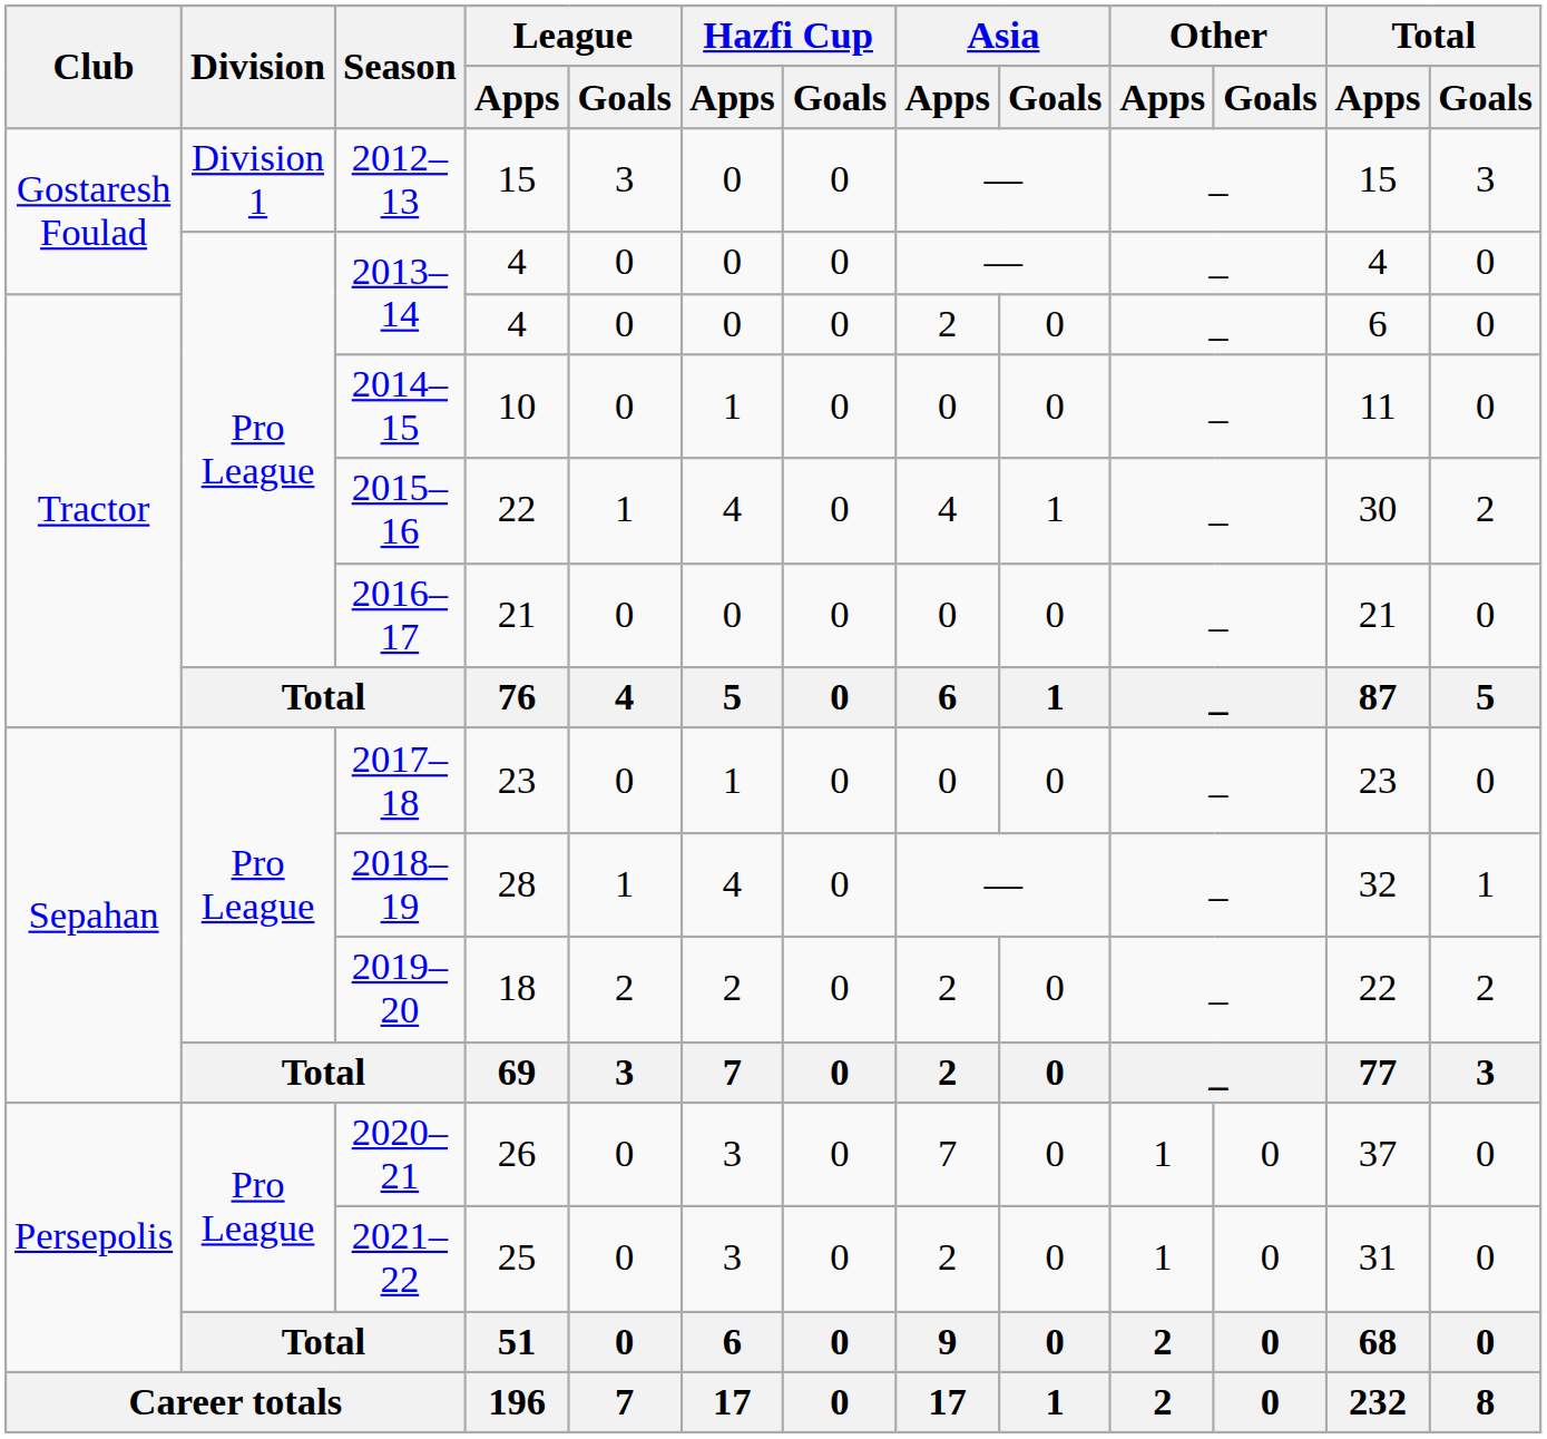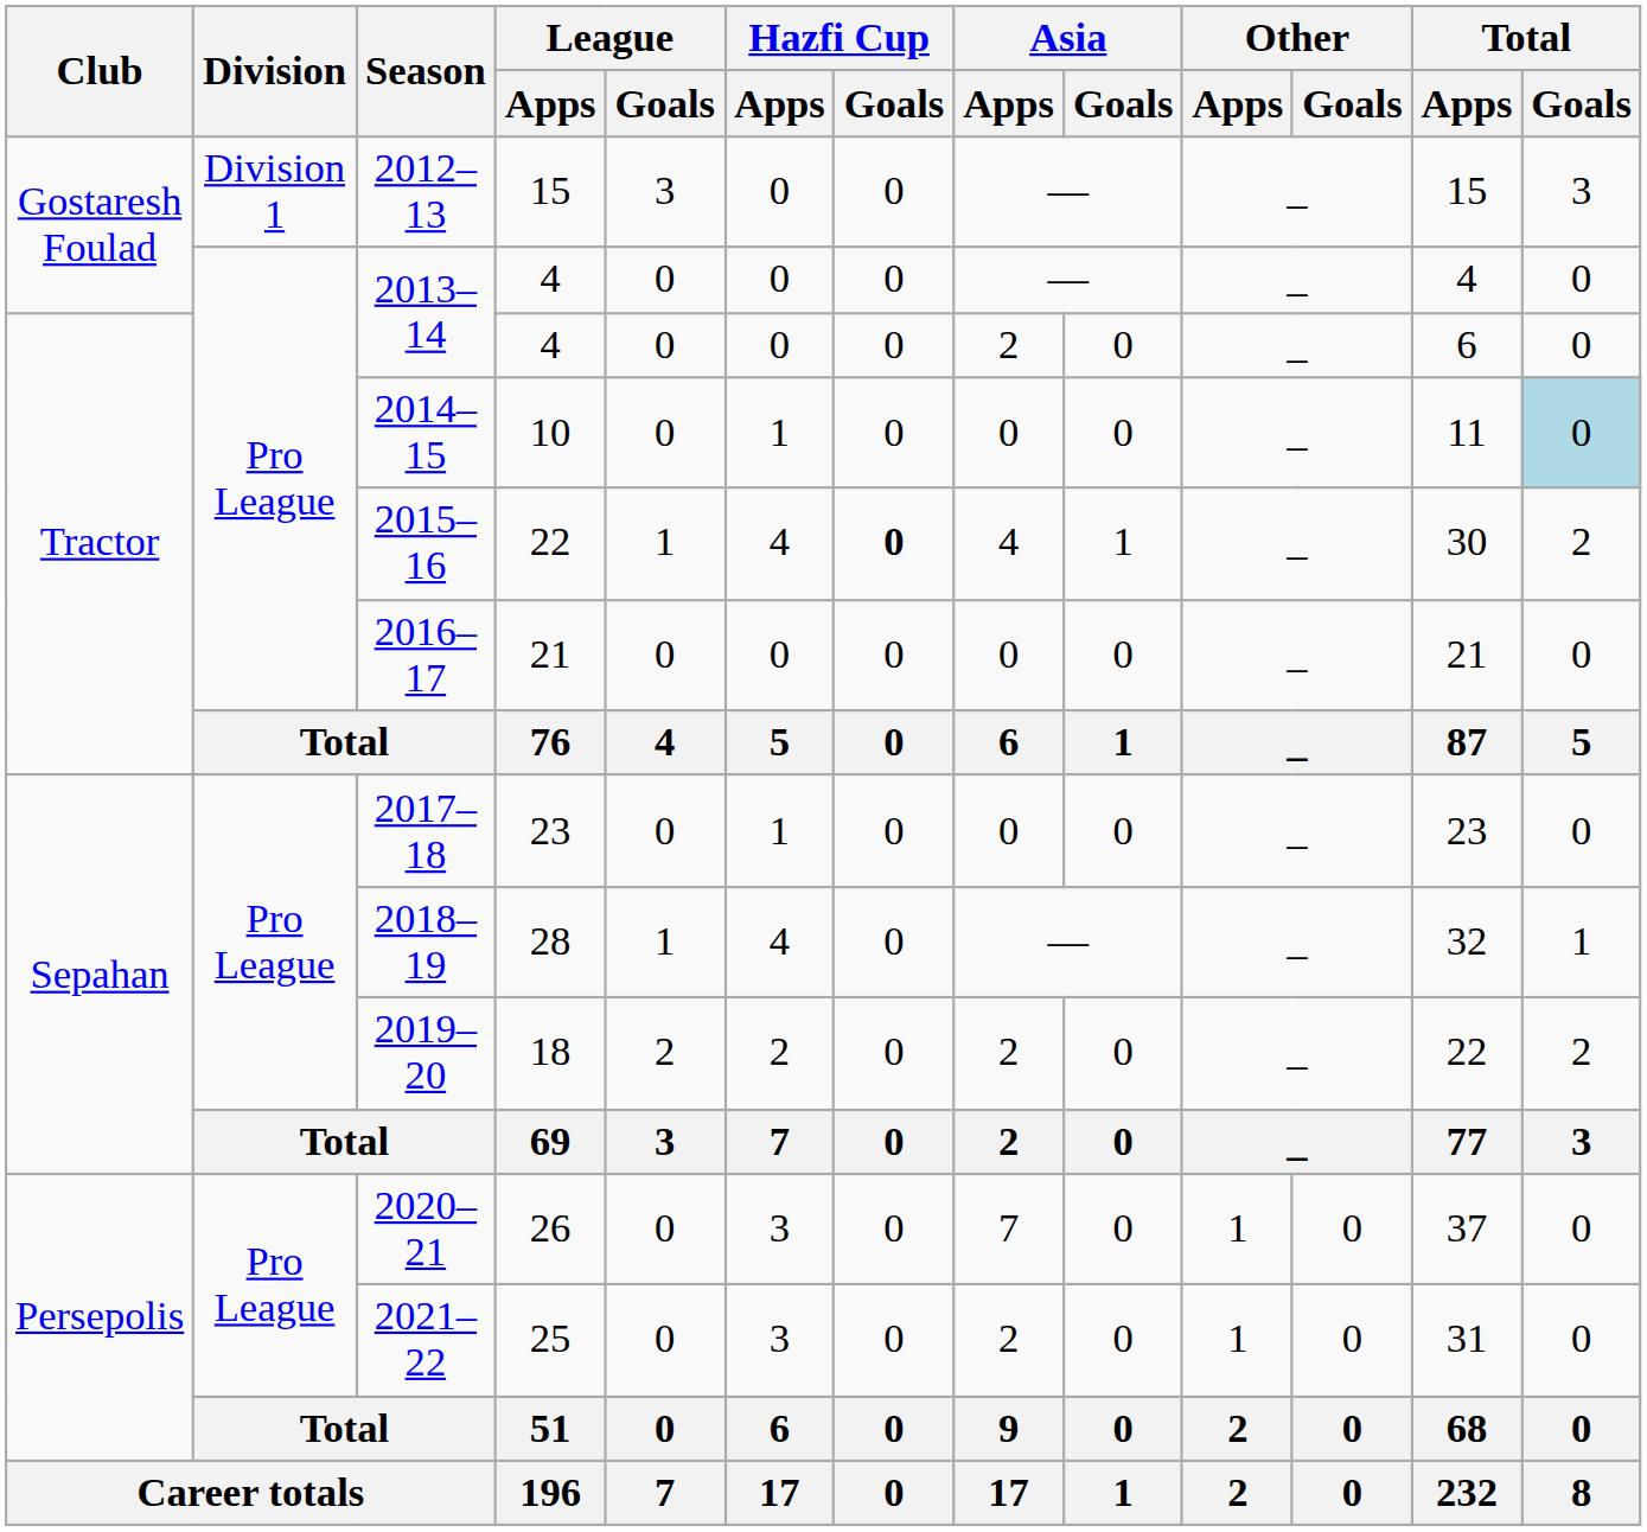 <table class="wikitable" style="text-align: center;">
 <tr>
 <th rowspan="2">Club</th>
 <th rowspan="2">Division</th>
 <th rowspan="2">Season</th>
 <th colspan="2">League</th>
 <th colspan="2"><a href='#'>Hazfi Cup</a></th>
 <th colspan="2"><a href='#'>Asia</a></th>
 <th colspan="2">Other</th>
 <th colspan="2">Total</th>
 </tr>
 <tr>
 <th>Apps</th>
 <th>Goals</th>
 <th>Apps</th>
 <th>Goals</th>
 <th>Apps</th>
 <th>Goals</th>
 <th>Apps</th>
 <th>Goals</th>
 <th>Apps</th>
 <th>Goals</th>
 </tr>
 <tr>
 <td rowspan="2"><a href='#'>Gostaresh<br>Foulad</a></td>
 <td><a href='#'>Division 1</a></td>
 <td><a href='#'>2012–13</a></td>
 <td>15</td>
 <td>3</td>
 <td>0</td>
 <td>0</td>
 <td colspan=2>—</td>
 <td colspan="2">_</td>
 <td>15</td>
 <td>3</td>
 </tr>
 <tr>
 <td rowspan="5"><a href='#'>Pro League</a></td>
 <td rowspan="2"><a href='#'>2013–14</a></td>
 <td>4</td>
 <td>0</td>
 <td>0</td>
 <td>0</td>
 <td colspan=2>—</td>
 <td colspan="2">_</td>
 <td>4</td>
 <td>0</td>
 </tr>
 <tr>
 <td rowspan="5"><a href='#'>Tractor</a></td>
 <td>4</td>
 <td>0</td>
 <td>0</td>
 <td>0</td>
 <td>2</td>
 <td>0</td>
 <td colspan="2">_</td>
 <td>6</td>
 <td>0</td>
 </tr>
 <tr>
 <td><a href='#'>2014–15</a></td>
 <td>10</td>
 <td>0</td>
 <td>1</td>
 <td>0</td>
 <td>0</td>
 <td>0</td>
 <td colspan="2">_</td>
 <td>11</td>
-<td>0</td>
+<td style="background: lightblue;">0</td>
 </tr>
 <tr>
 <td><a href='#'>2015–16</a></td>
 <td>22</td>
 <td>1</td>
 <td>4</td>
-<td>0</td>
+<td><strong>0</strong></td>
 <td>4</td>
 <td>1</td>
 <td colspan="2">_</td>
 <td>30</td>
 <td>2</td>
 </tr>
 <tr>
 <td><a href='#'>2016–17</a></td>
 <td>21</td>
 <td>0</td>
 <td>0</td>
 <td>0</td>
 <td>0</td>
 <td>0</td>
 <td colspan="2">_</td>
 <td>21</td>
 <td>0</td>
 </tr>
 <tr>
 <th colspan="2">Total</th>
 <th>76</th>
 <th>4</th>
 <th>5</th>
 <th>0</th>
 <th>6</th>
 <th>1</th>
 <th colspan="2">_</th>
 <th>87</th>
 <th>5</th>
 </tr>
 <tr>
 <td rowspan="4"><a href='#'>Sepahan</a></td>
 <td rowspan="3"><a href='#'>Pro League</a></td>
 <td><a href='#'>2017–18</a></td>
 <td>23</td>
 <td>0</td>
 <td>1</td>
 <td>0</td>
 <td>0</td>
 <td>0</td>
 <td colspan="2">_</td>
 <td>23</td>
 <td>0</td>
 </tr>
 <tr>
 <td><a href='#'>2018–19</a></td>
 <td>28</td>
 <td>1</td>
 <td>4</td>
 <td>0</td>
 <td colspan=2>—</td>
 <td colspan="2">_</td>
 <td>32</td>
 <td>1</td>
 </tr>
 <tr>
 <td><a href='#'>2019–20</a></td>
 <td>18</td>
 <td>2</td>
 <td>2</td>
 <td>0</td>
 <td>2</td>
 <td>0</td>
 <td colspan="2">_</td>
 <td>22</td>
 <td>2</td>
 </tr>
 <tr>
 <th colspan="2">Total</th>
 <th>69</th>
 <th>3</th>
 <th>7</th>
 <th>0</th>
 <th>2</th>
 <th>0</th>
 <th colspan="2">_</th>
 <th>77</th>
 <th>3</th>
 </tr>
 <tr>
 <td rowspan="3"><a href='#'>Persepolis</a></td>
 <td rowspan="2"><a href='#'>Pro League</a></td>
 <td><a href='#'>2020–21</a></td>
 <td>26</td>
 <td>0</td>
 <td>3</td>
 <td>0</td>
 <td>7</td>
 <td>0</td>
 <td>1</td>
 <td>0</td>
 <td>37</td>
 <td>0</td>
 </tr>
 <tr>
 <td><a href='#'>2021–22</a></td>
 <td>25</td>
 <td>0</td>
 <td>3</td>
 <td>0</td>
 <td>2</td>
 <td>0</td>
 <td>1</td>
 <td>0</td>
 <td>31</td>
 <td>0</td>
 </tr>
 <tr>
 <th colspan="2">Total</th>
 <th>51</th>
 <th>0</th>
 <th>6</th>
 <th>0</th>
 <th>9</th>
 <th>0</th>
 <th>2</th>
 <th>0</th>
 <th>68</th>
 <th>0</th>
 </tr>
 <tr>
 <th colspan=3>Career totals</th>
 <th>196</th>
 <th>7</th>
 <th>17</th>
 <th>0</th>
 <th>17</th>
 <th>1</th>
 <th>2</th>
 <th>0</th>
 <th>232</th>
 <th>8</th>
 </tr>
 </table>
